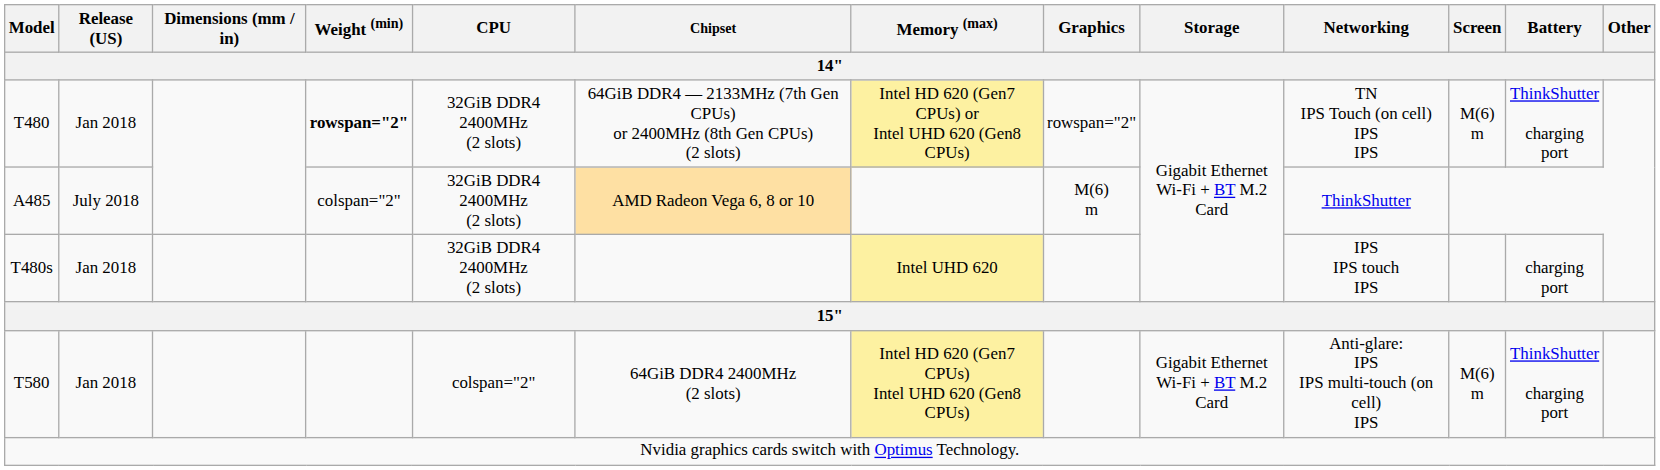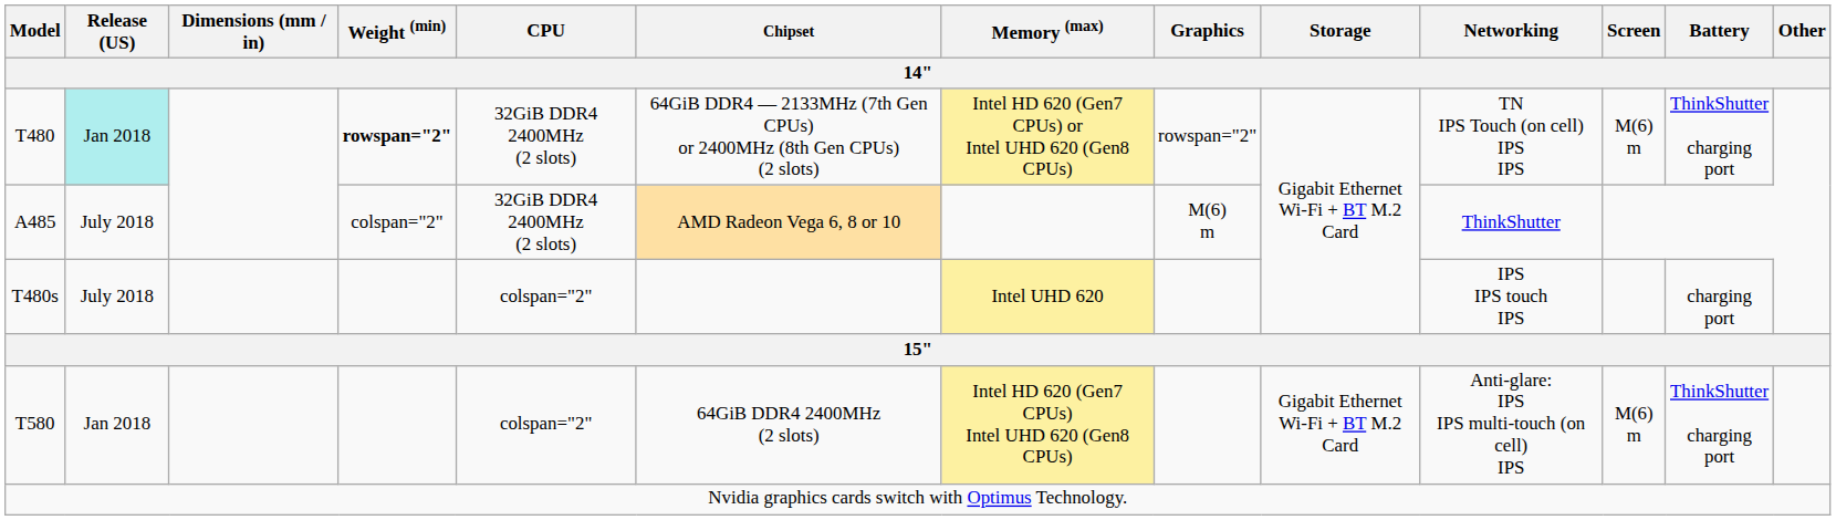 <table class="wikitable" style="font-size: 80%; text-align: center; min-width: 80%;">
 <tr>
 <th>Model</th>
 <th>Release (US)</th>
 <th>Dimensions (mm / in)</th>
 <th>Weight <sup>(min)</sup></th>
 <th>CPU</th>
 <th><small>Chipset</small></th>
 <th>Memory <sup>(max)</sup></th>
 <th>Graphics</th>
 <th>Storage</th>
 <th>Networking</th>
 <th>Screen</th>
 <th>Battery</th>
 <th>Other</th>
 </tr>
 <tr>
 <th colspan="13">14"</th>
 </tr>
 <tr>
 <td>T480</td>
-<td>Jan 2018</td>
+<td style="background: paleturquoise;">Jan 2018</td>
 <td rowspan="2"></td>
 <td><strong>rowspan="2" </strong></td>
 <td style="background:">32GiB DDR4 2400MHz<br> (2 slots)</td>
 <td style="background:">64GiB DDR4 — 2133MHz (7th Gen CPUs) <br>or 2400MHz (8th Gen CPUs) <br> (2 slots)</td>
 <td style="background:#fdf1a1;">Intel HD 620 (Gen7 CPUs) or<br> Intel UHD 620 (Gen8 CPUs) <br></td>
 <td>rowspan="2" </td>
 <td rowspan="3">Gigabit Ethernet<br>Wi-Fi + <a href='#'>BT</a> M.2 Card<br><small></small></td>
 <td style="background:"> TN <br> IPS Touch (on cell) <br> IPS <br>  IPS</td>
 <td style="background:">M(6)<br>m</td>
 <td><a href='#'>ThinkShutter</a><br><br> charging port</td>
 </tr>
 <tr>
 <td>A485</td>
 <td>July 2018</td>
 <td>colspan="2" </td>
 <td style="background:">32GiB DDR4 2400MHz<br> (2 slots)</td>
 <td style="background:#fee0a3;">AMD Radeon Vega 6, 8 or 10</td>
 <td></td>
 <td style="background:">M(6)<br>m</td>
 <td><a href='#'>ThinkShutter</a><br></td>
 </tr>
 <tr>
 <td>T480s</td>
-<td>Jan 2018</td>
+<td>July 2018</td>
 <td></td>
 <td></td>
-<td style="background:">32GiB DDR4 2400MHz<br> (2 slots)</td>
+<td>colspan="2" </td>
 <td></td>
 <td style="background:#fdf1a1;">Intel UHD 620 <br></td>
 <td></td>
 <td style="background:"> IPS <br> IPS touch <br> IPS</td>
 <td></td>
 <td><br> charging port</td>
 </tr>
 <tr>
 <th colspan="13">15"</th>
 </tr>
 <tr>
 <td>T580</td>
 <td>Jan 2018</td>
 <td></td>
 <td></td>
 <td>colspan="2" </td>
 <td style="background:">64GiB DDR4 2400MHz<br>(2 slots)</td>
 <td style="background:#fdf1a1;">Intel HD 620 (Gen7 CPUs)<br> Intel UHD 620 (Gen8 CPUs)<br></td>
 <td></td>
 <td>Gigabit Ethernet<br>Wi-Fi + <a href='#'>BT</a> M.2 Card<br><small></small></td>
 <td style="background:">Anti-glare: <br> IPS <br> IPS multi-touch (on cell) <br> IPS</td>
 <td style="background:">M(6)<br>m</td>
 <td><a href='#'>ThinkShutter</a><br><br> charging port</td>
 </tr>
 <tr>
 <td colspan="13">Nvidia graphics cards switch with <a href='#'>Optimus</a> Technology.</td>
 </tr>
 </table>
